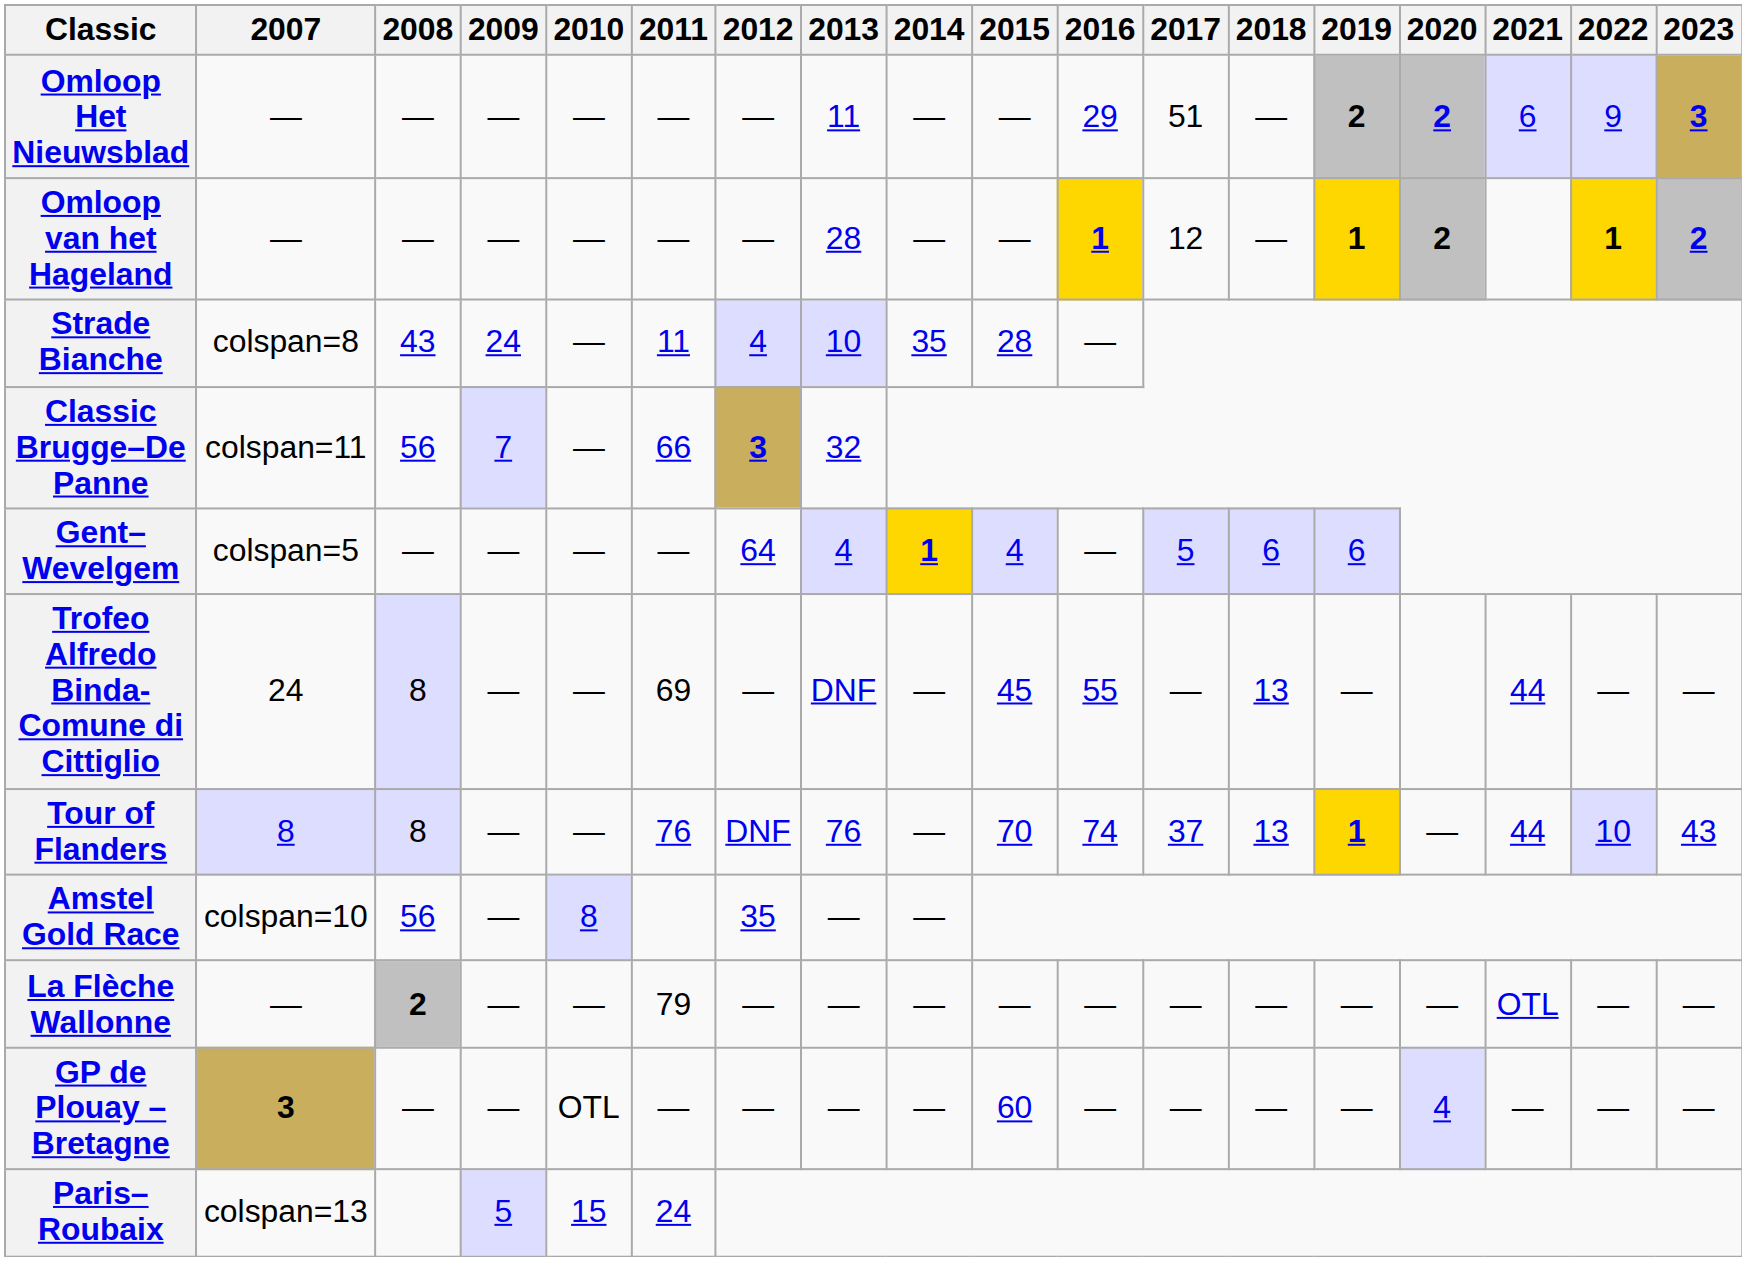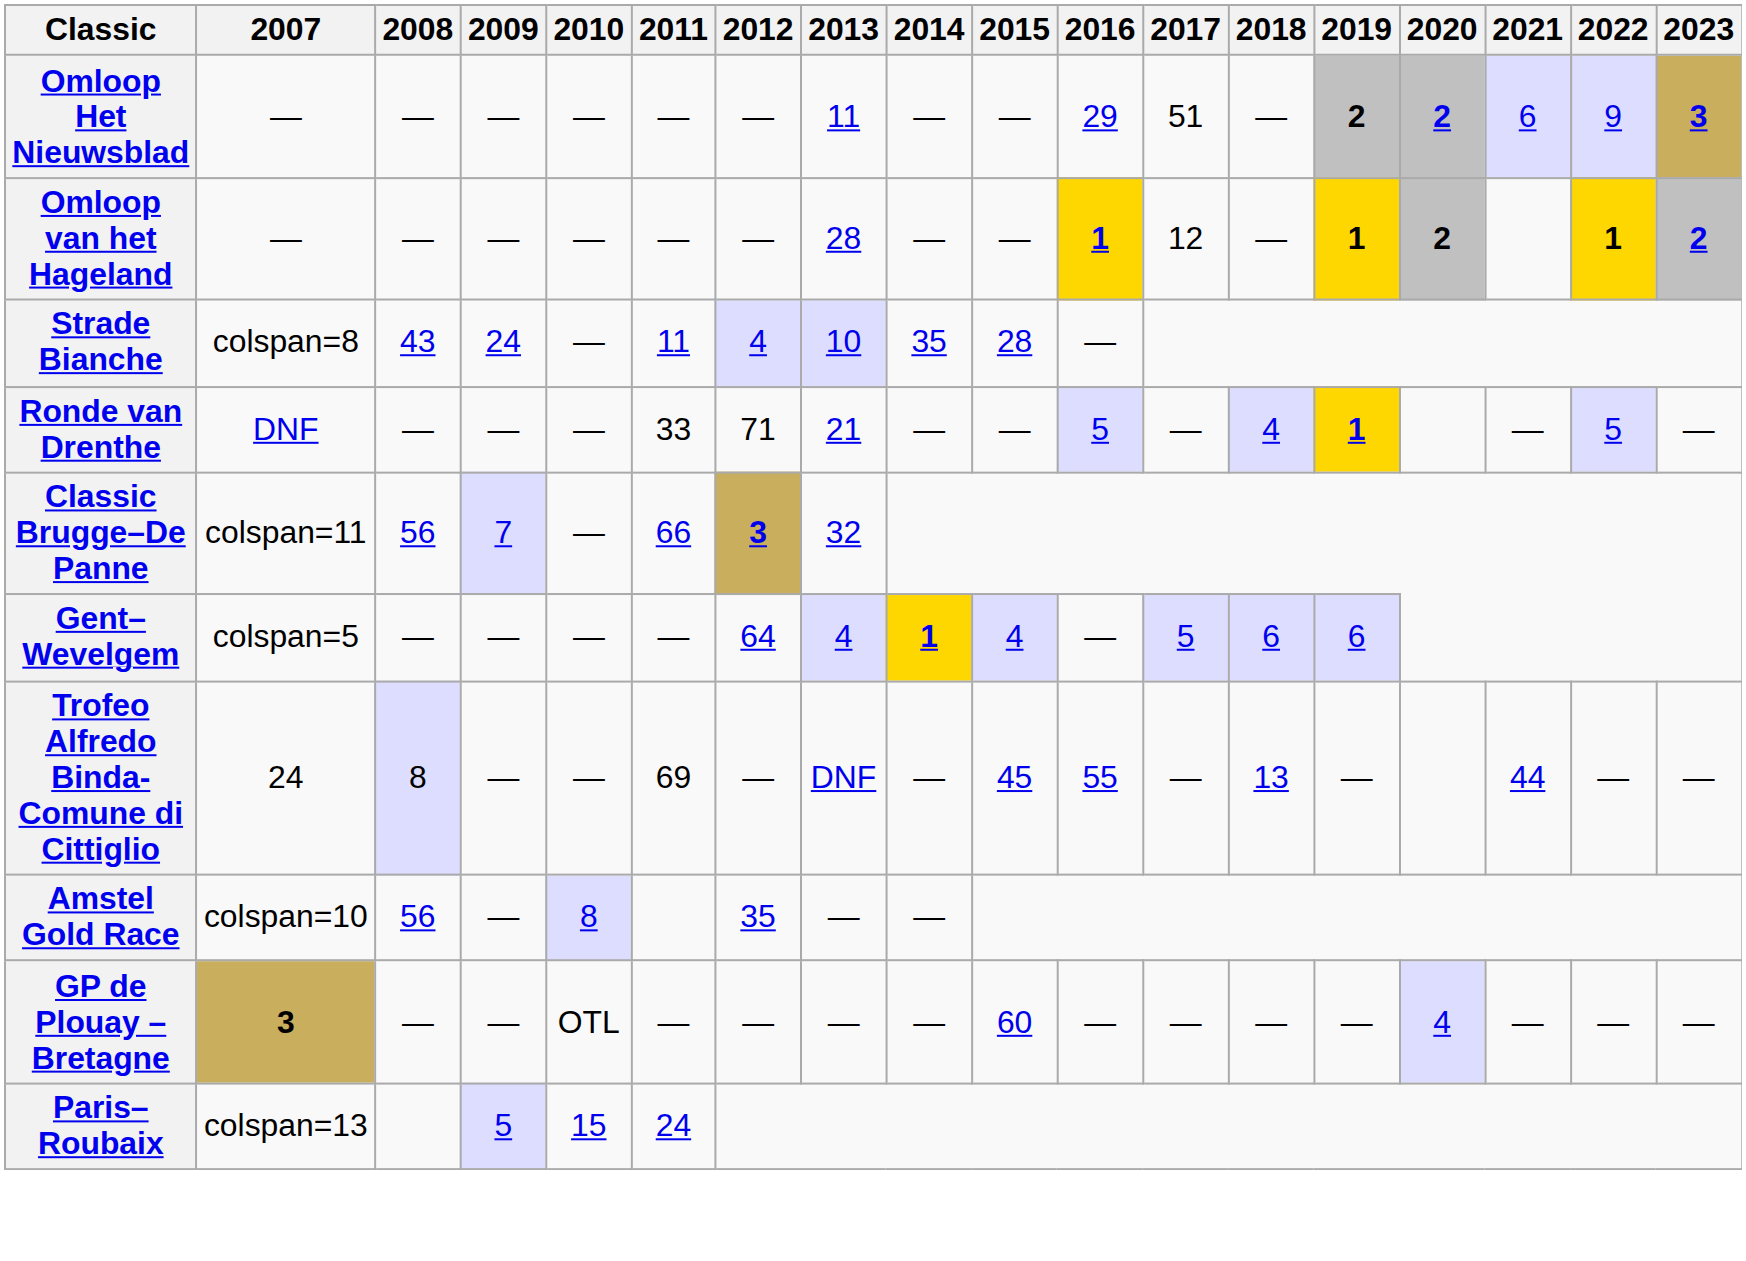 <table class="wikitable plainrowheaders">
 <tr style="background:#EEEEEE;">
 <th>Classic</th>
 <th>2007</th>
 <th>2008</th>
 <th>2009</th>
 <th>2010</th>
 <th>2011</th>
 <th>2012</th>
 <th>2013</th>
 <th>2014</th>
 <th>2015</th>
 <th>2016</th>
 <th>2017</th>
 <th>2018</th>
 <th>2019</th>
 <th>2020</th>
 <th>2021</th>
 <th>2022</th>
 <th>2023</th>
 </tr>
 <tr style="text-align:center;">
 <th scope="row"><a href='#'>Omloop Het Nieuwsblad</a></th>
 <td>—</td>
 <td>—</td>
 <td>—</td>
 <td>—</td>
 <td>—</td>
 <td>—</td>
 <td><a href='#'>11</a></td>
 <td>—</td>
 <td>—</td>
 <td><a href='#'>29</a></td>
 <td>51</td>
 <td>—</td>
 <td style="background:silver;"><strong>2</strong></td>
 <td style="background:silver;"><a href='#'><strong>2</strong></a></td>
 <td style="background:#ddf;"><a href='#'>6</a></td>
 <td style="background:#ddf;"><a href='#'>9</a></td>
 <td style="background:#C9AE5D;"><a href='#'><strong>3</strong></a></td>
 </tr>
 <tr style="text-align:center;">
 <th scope="row"><a href='#'>Omloop van het Hageland</a></th>
 <td>—</td>
 <td>—</td>
 <td>—</td>
 <td>—</td>
 <td>—</td>
 <td>—</td>
 <td><a href='#'>28</a></td>
 <td>—</td>
 <td>—</td>
 <td style="background:gold;"><a href='#'><strong>1</strong></a></td>
 <td>12</td>
 <td>—</td>
 <td style="background:gold;"><strong>1</strong></td>
 <td style="background:silver;"><strong>2</strong></td>
 <td></td>
 <td style="background:gold;"><strong>1</strong></td>
 <td style="background:silver;"><a href='#'><strong>2</strong></a></td>
 </tr>
 <tr style="text-align:center;">
 <th scope="row"><a href='#'>Strade Bianche</a></th>
 <td>colspan=8 </td>
 <td><a href='#'>43</a></td>
 <td><a href='#'>24</a></td>
 <td>—</td>
 <td><a href='#'>11</a></td>
 <td style="text-align:center; background:#ddf;"><a href='#'>4</a></td>
 <td style="text-align:center; background:#ddf;"><a href='#'>10</a></td>
 <td><a href='#'>35</a></td>
 <td><a href='#'>28</a></td>
 <td>—</td>
 </tr>
 <tr style="text-align:center;">
+<th scope="row"><a href='#'>Ronde van Drenthe</a></th>
+<td><a href='#'>DNF</a></td>
+<td>—</td>
+<td>—</td>
+<td>—</td>
+<td>33</td>
+<td>71</td>
+<td><a href='#'>21</a></td>
+<td>—</td>
+<td>—</td>
+<td style="background:#ddf;"><a href='#'>5</a></td>
+<td>—</td>
+<td style="background:#ddf;"><a href='#'>4</a></td>
+<td style="background:gold;"><a href='#'><strong>1</strong></a></td>
+<td></td>
+<td>—</td>
+<td style="background:#ddf;"><a href='#'>5</a></td>
+<td>—</td>
+</tr>
+<tr style="text-align:center;">
 <th scope="row"><a href='#'>Classic Brugge–De Panne</a></th>
 <td>colspan=11 </td>
 <td><a href='#'>56</a></td>
 <td style="background:#ddf;"><a href='#'>7</a></td>
 <td>—</td>
 <td><a href='#'>66</a></td>
 <td style="background:#C9AE5D;"><a href='#'><strong>3</strong></a></td>
 <td><a href='#'>32</a></td>
 </tr>
 <tr style="text-align:center;">
 <th scope="row"><a href='#'>Gent–Wevelgem</a></th>
 <td>colspan=5 </td>
 <td>—</td>
 <td>—</td>
 <td>—</td>
 <td>—</td>
 <td><a href='#'>64</a></td>
 <td style="background:#ddf;"><a href='#'>4</a></td>
 <td style="background:gold;"><a href='#'><strong>1</strong></a></td>
 <td style="background:#ddf;"><a href='#'>4</a></td>
 <td>—</td>
 <td style="background:#ddf;"><a href='#'>5</a></td>
 <td style="background:#ddf;"><a href='#'>6</a></td>
 <td style="background:#ddf;"><a href='#'>6</a></td>
 </tr>
 <tr style="text-align:center;">
 <th scope="row"><a href='#'>Trofeo Alfredo Binda-Comune di Cittiglio</a></th>
 <td>24</td>
 <td style="background:#ddf;">8</td>
 <td>—</td>
 <td>—</td>
 <td>69</td>
 <td>—</td>
 <td><a href='#'>DNF</a></td>
 <td>—</td>
 <td><a href='#'>45</a></td>
 <td><a href='#'>55</a></td>
 <td>—</td>
 <td><a href='#'>13</a></td>
 <td>—</td>
 <td></td>
 <td><a href='#'>44</a></td>
 <td>—</td>
 <td>—</td>
 </tr>
 <tr style="text-align:center;">
-<th scope="row"><a href='#'>Tour of Flanders</a></th>
-<td style="background:#ddf;"><a href='#'>8</a></td>
-<td style="background:#ddf;">8</td>
-<td>—</td>
-<td>—</td>
-<td><a href='#'>76</a></td>
-<td><a href='#'>DNF</a></td>
-<td><a href='#'>76</a></td>
-<td>—</td>
-<td><a href='#'>70</a></td>
-<td><a href='#'>74</a></td>
-<td><a href='#'>37</a></td>
-<td><a href='#'>13</a></td>
-<td style="background:gold;"><a href='#'><strong>1</strong></a></td>
-<td>—</td>
-<td><a href='#'>44</a></td>
-<td style="background:#ddf;"><a href='#'>10</a></td>
-<td><a href='#'>43</a></td>
-</tr>
-<tr style="text-align:center;">
 <th scope="row"><a href='#'>Amstel Gold Race</a></th>
 <td>colspan=10 </td>
 <td><a href='#'>56</a></td>
 <td>—</td>
 <td style="background:#ddf;"><a href='#'>8</a></td>
 <td></td>
 <td><a href='#'>35</a></td>
-<td>—</td>
-<td>—</td>
-</tr>
-<tr style="text-align:center;">
-<th scope="row"><a href='#'>La Flèche Wallonne</a></th>
-<td>—</td>
-<td style="background:silver;"><strong>2</strong></td>
-<td>—</td>
-<td>—</td>
-<td>79</td>
-<td>—</td>
-<td>—</td>
-<td>—</td>
-<td>—</td>
-<td>—</td>
-<td>—</td>
-<td>—</td>
-<td>—</td>
-<td>—</td>
-<td><a href='#'>OTL</a></td>
 <td>—</td>
 <td>—</td>
 </tr>
 <tr style="text-align:center;">
 <th scope="row"><a href='#'>GP de Plouay – Bretagne</a></th>
 <td style="background:#C9AE5D;"><strong>3</strong></td>
 <td>—</td>
 <td>—</td>
 <td>OTL</td>
 <td>—</td>
 <td>—</td>
 <td>—</td>
 <td>—</td>
 <td><a href='#'>60</a></td>
 <td>—</td>
 <td>—</td>
 <td>—</td>
 <td>—</td>
 <td style="background:#ddf;"><a href='#'>4</a></td>
 <td>—</td>
 <td>—</td>
 <td>—</td>
 </tr>
 <tr style="text-align:center;">
 <th scope="row"><a href='#'>Paris–Roubaix</a></th>
 <td>colspan=13 </td>
 <td></td>
 <td style="background:#ddf;"><a href='#'>5</a></td>
 <td><a href='#'>15</a></td>
 <td><a href='#'>24</a></td>
 </tr>
 </table>
